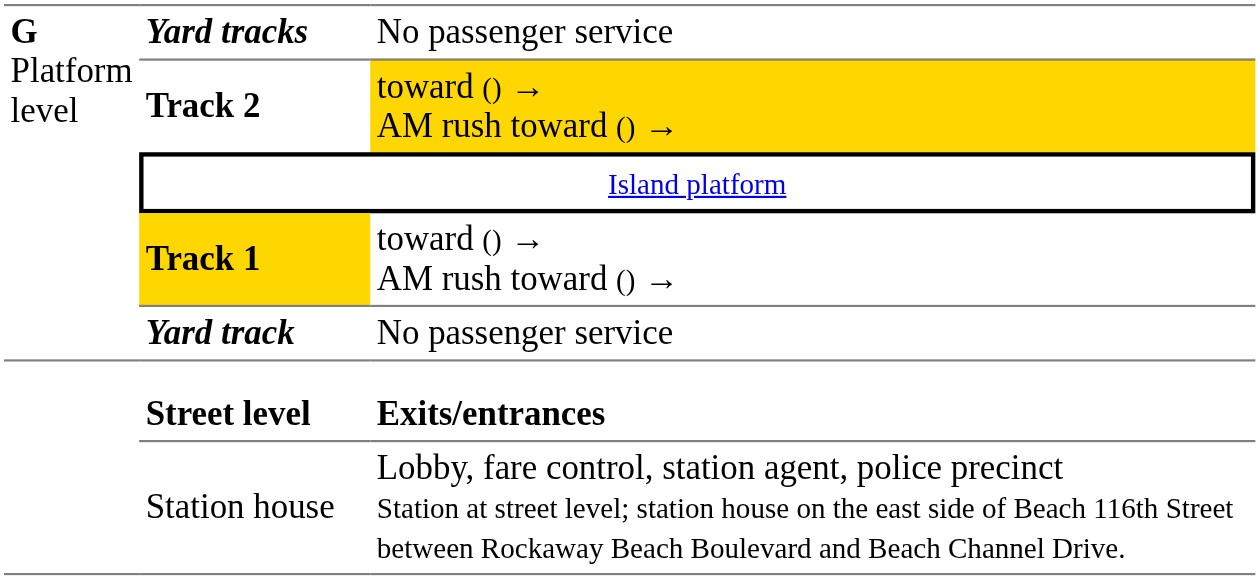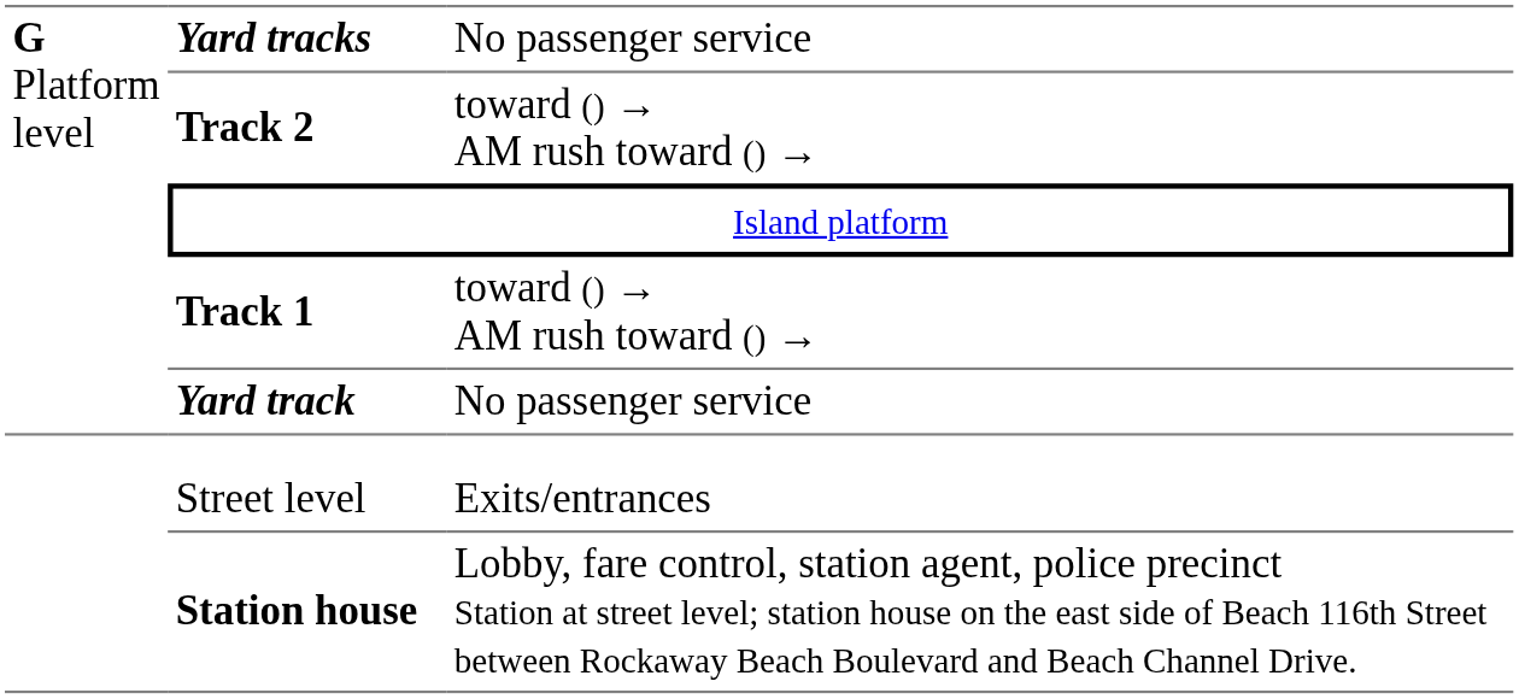 <table border=0 cellspacing=0 cellpadding=3>
 <tr>
 <td style="border-top:solid 1px gray;border-bottom:solid 1px gray;" rowspan=5 width=50 valign=top><strong>G</strong><br>Platform level</td>
 <td style="border-top:solid 1px gray;" width=100><strong><em>Yard tracks</em></strong></td>
 <td style="border-top:solid 1px gray;" width=400>No passenger service</td>
 </tr>
 <tr>
 <td style="border-top:solid 1px gray;"><span><strong>Track 2</strong></span></td>
-<td style="background: gold; border-top:solid 1px gray;"> toward  <small>()</small> →<br> AM rush toward  <small>()</small> →</td>
+<td style="border-top:solid 1px gray;"> toward  <small>()</small> →<br> AM rush toward  <small>()</small> →</td>
 </tr>
 <tr>
 <td style="border-top:solid 2px black;border-right:solid 2px black;border-left:solid 2px black;border-bottom:solid 2px black;text-align:center;" colspan=2><small><a href='#'>Island platform</a> </small></td>
 </tr>
 <tr>
-<td style="background: gold; border-bottom:solid 1px gray;"><span><strong>Track 1</strong></span></td>
+<td style="border-bottom:solid 1px gray;"><span><strong>Track 1</strong></span></td>
 <td style="border-bottom:solid 1px gray;"> toward  <small>()</small> →<br> AM rush toward  <small>()</small> →</td>
 </tr>
 <tr>
 <td style="border-bottom:solid 1px gray;"><strong><em>Yard track</em></strong></td>
 <td style="border-bottom:solid 1px gray;">No passenger service</td>
 </tr>
 <tr>
 <td></td>
 <td></td>
 <td></td>
 </tr>
 <tr>
 <td></td>
 <td></td>
 <td></td>
 </tr>
 <tr>
 <td style="border-bottom:solid 1px gray;" rowspan=2></td>
-<td style="border-bottom:solid 1px gray;"><strong>Street level</strong></td>
-<td style="border-bottom:solid 1px gray;"><strong>Exits/entrances</strong></td>
+<td style="border-bottom:solid 1px gray;">Street level</td>
+<td style="border-bottom:solid 1px gray;">Exits/entrances</td>
 </tr>
 <tr>
-<td style="border-bottom:solid 1px gray;">Station house</td>
+<td style="border-bottom:solid 1px gray;"><strong>Station house</strong></td>
 <td style="border-bottom:solid 1px gray;">Lobby, fare control, station agent, police precinct<br><small> Station at street level; station house on the east side of Beach 116th Street between Rockaway Beach Boulevard and Beach Channel Drive.</small></td>
 </tr>
 </table>
